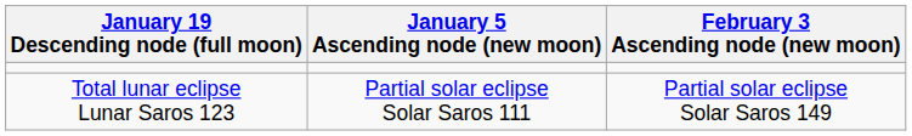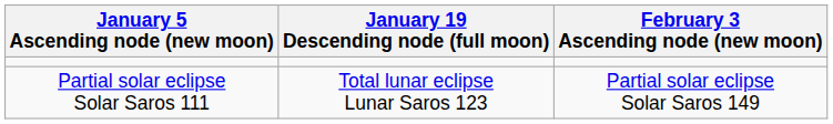 <table class="wikitable">
 <tr>
+<th><a href='#'>January 5</a><br>Ascending node (new moon)</th>
 <th><a href='#'>January 19</a><br>Descending node (full moon)</th>
-<th><a href='#'>January 5</a><br>Ascending node (new moon)</th>
 <th><a href='#'>February 3</a><br>Ascending node (new moon)</th>
 </tr>
 <tr>
 <td></td>
 <td></td>
 <td></td>
 </tr>
 <tr align=center>
+<td><a href='#'>Partial solar eclipse</a><br>Solar Saros 111</td>
 <td><a href='#'>Total lunar eclipse</a><br>Lunar Saros 123</td>
-<td><a href='#'>Partial solar eclipse</a><br>Solar Saros 111</td>
 <td><a href='#'>Partial solar eclipse</a><br>Solar Saros 149</td>
 </tr>
 </table>
